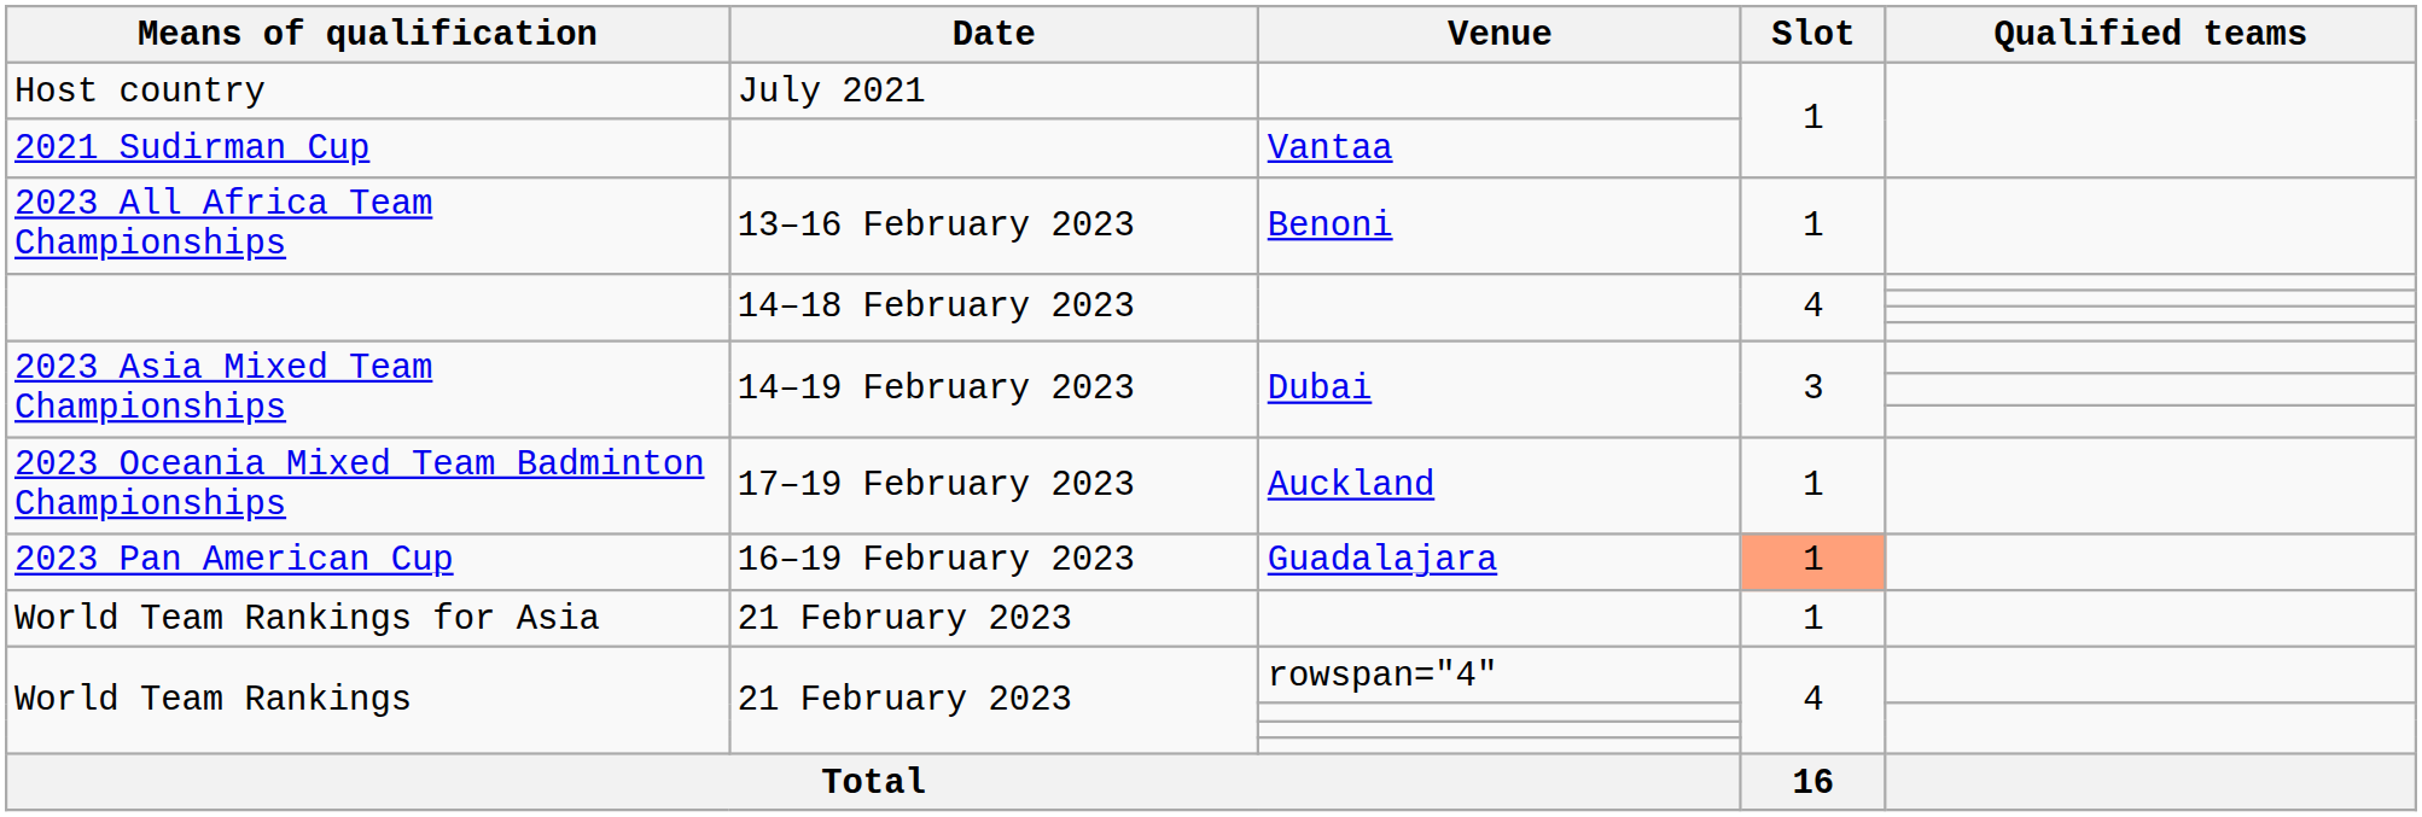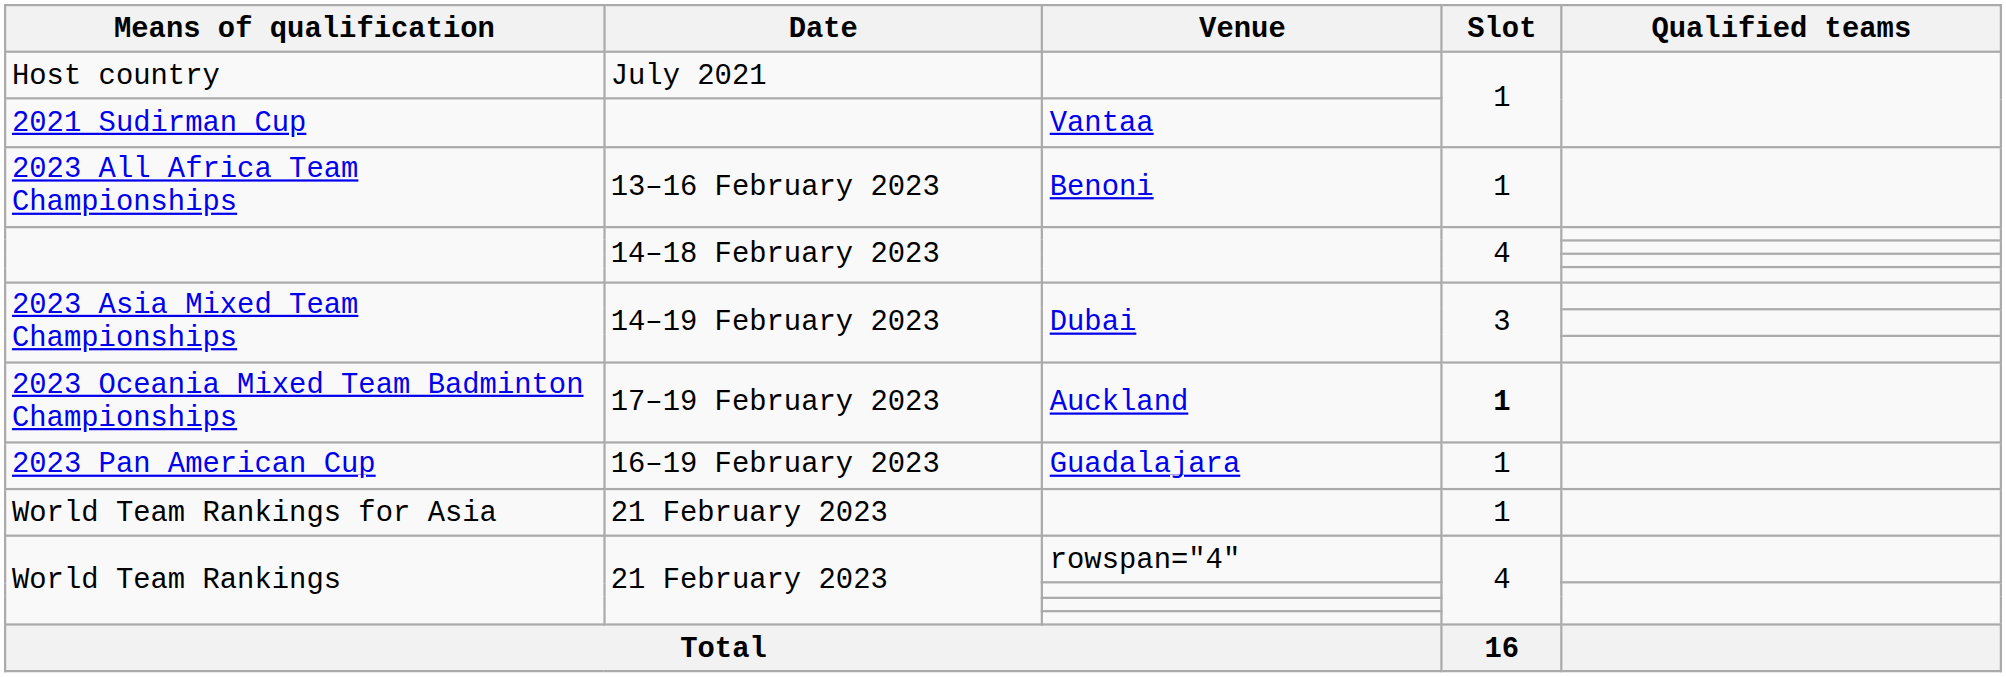 <table class="wikitable" width="900">
 <tr>
 <th width="30%">Means of qualification</th>
 <th width="22%">Date</th>
 <th width="20%">Venue</th>
 <th width="6%">Slot</th>
 <th width="22%">Qualified teams</th>
 </tr>
 <tr>
 <td>Host country</td>
 <td>July 2021</td>
 <td></td>
 <td rowspan="2" align="center">1</td>
 <td rowspan="2"></td>
 </tr>
 <tr>
 <td><a href='#'>2021 Sudirman Cup</a></td>
 <td></td>
 <td><a href='#'>Vantaa</a></td>
 </tr>
 <tr>
 <td><a href='#'>2023 All Africa Team Championships</a></td>
 <td>13–16 February 2023</td>
 <td><a href='#'>Benoni</a></td>
 <td align="center">1</td>
 <td></td>
 </tr>
 <tr>
 <td rowspan="4"></td>
 <td rowspan="4">14–18 February 2023</td>
 <td rowspan="4"></td>
 <td align="center" rowspan="4">4</td>
 <td></td>
 </tr>
 <tr>
 <td></td>
 </tr>
 <tr>
 <td></td>
 </tr>
 <tr>
 <td></td>
 </tr>
 <tr>
 <td rowspan="3"><a href='#'>2023 Asia Mixed Team Championships</a></td>
 <td rowspan="3">14–19 February 2023</td>
 <td rowspan="3"><a href='#'>Dubai</a></td>
 <td align="center" rowspan="3">3</td>
 <td></td>
 </tr>
 <tr>
 <td></td>
 </tr>
 <tr>
 <td></td>
 </tr>
 <tr>
 <td><a href='#'>2023 Oceania Mixed Team Badminton Championships</a></td>
 <td>17–19 February 2023</td>
 <td><a href='#'>Auckland</a></td>
-<td align="center">1</td>
+<td align="center"><strong>1</strong></td>
 <td></td>
 </tr>
 <tr>
 <td><a href='#'>2023 Pan American Cup</a></td>
 <td>16–19 February 2023</td>
 <td><a href='#'>Guadalajara</a></td>
-<td align="center" style="background: lightsalmon;">1</td>
+<td align="center">1</td>
 <td></td>
 </tr>
 <tr>
 <td>World Team Rankings for Asia</td>
 <td>21 February 2023</td>
 <td></td>
 <td align="center">1</td>
 <td></td>
 </tr>
 <tr>
 <td rowspan="4">World Team Rankings</td>
 <td rowspan="4">21 February 2023</td>
 <td>rowspan="4" </td>
 <td align="center" rowspan="4">4</td>
 <td></td>
 </tr>
 <tr>
 <td></td>
 </tr>
 <tr>
 <td></td>
 </tr>
 <tr>
 <td></td>
 </tr>
 <tr>
 <th colspan="3">Total</th>
 <th>16</th>
 <th></th>
 </tr>
 </table>
